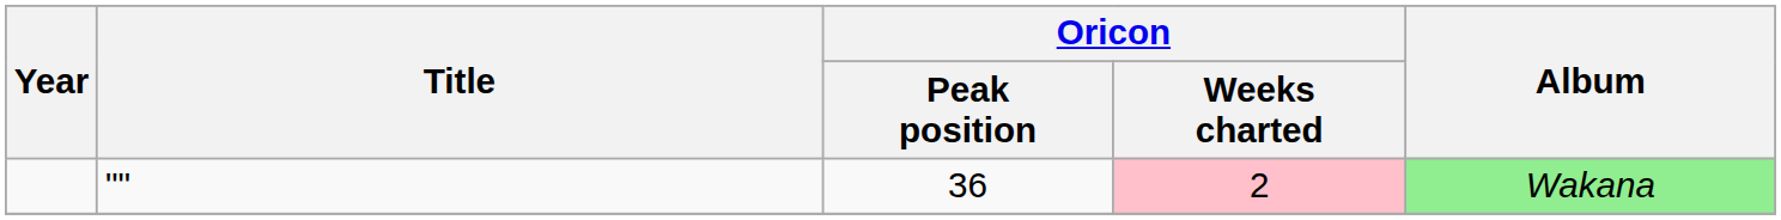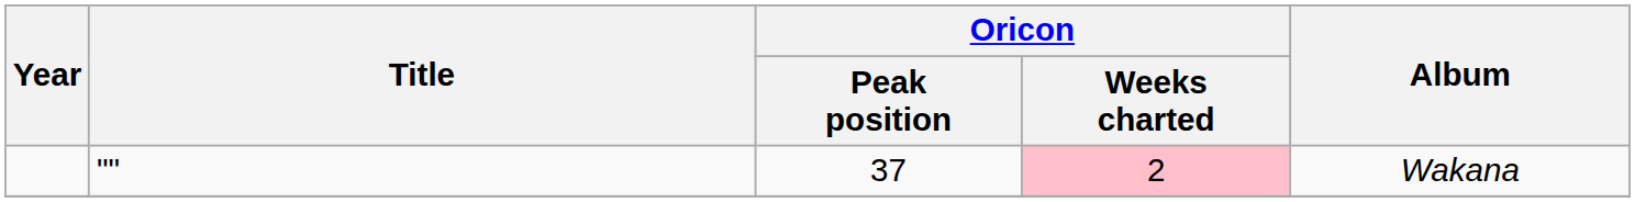 <table class="wikitable plainrowheaders" style="text-align:center">
 <tr>
 <th rowspan=2; style="width:2em;">Year</th>
 <th rowspan=2; style="width:20em;">Title</th>
 <th colspan=2; style="width:16em;"><a href='#'>Oricon</a></th>
 <th rowspan=2; style="width:10em;">Album</th>
 </tr>
 <tr>
 <th style="width:6em;">Peak<br>position</th>
 <th style="width:6em;">Weeks<br> charted</th>
 </tr>
 <tr>
 <td></td>
 <td align=left>""</td>
-<td>36</td>
+<td>37</td>
 <td style="background: pink;">2</td>
-<td style="background: lightgreen;"><em>Wakana</em></td>
+<td><em>Wakana</em></td>
 </tr>
 <tr>
 </tr>
 </table>
